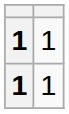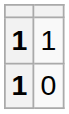 <table class="wikitable" style="text-align: center">
 <tr>
 <th></th>
 <th></th>
 </tr>
 <tr>
 <th>1</th>
 <td>1</td>
 </tr>
 <tr>
 <th>1</th>
-<td>1</td>
+<td>0</td>
 </tr>
 </table>
